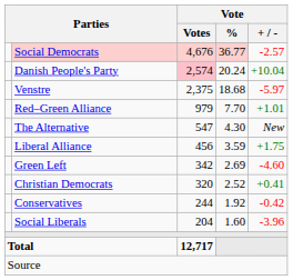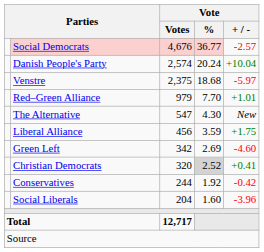 <table class="wikitable" style="text-align:right;">
 <tr>
 <th style="text-align:centre;" rowspan="2" colspan="2" width="225">Parties</th>
 <th colspan="3">Vote</th>
 </tr>
 <tr>
 <th width="15">Votes</th>
 <th width="15">%</th>
 <th width="15">+ / -</th>
 </tr>
 <tr>
 <td width="2" style="color:inherit;background:"></td>
 <td bgcolor=#fbd0ce  align="left"><a href='#'>Social Democrats</a></td>
 <td bgcolor=#fbd0ce>4,676</td>
 <td bgcolor=#fbd0ce>36.77</td>
 <td style=color:red;>-2.57</td>
 </tr>
 <tr>
 <td width="2" style="color:inherit;background:"></td>
 <td align="left"><a href='#'>Danish People's Party</a></td>
-<td style="background: pink;">2,574</td>
+<td>2,574</td>
 <td>20.24</td>
 <td style=color:green;>+10.04</td>
 </tr>
 <tr>
 <td width="2" style="color:inherit;background:"></td>
 <td align="left"><a href='#'>Venstre</a></td>
 <td>2,375</td>
 <td>18.68</td>
 <td style=color:red;>-5.97</td>
 </tr>
 <tr>
 <td width="2" style="color:inherit;background:"></td>
 <td align="left"><a href='#'>Red–Green Alliance</a></td>
 <td>979</td>
 <td>7.70</td>
 <td style=color:green;>+1.01</td>
 </tr>
 <tr>
 <td width="2" style="color:inherit;background:"></td>
 <td align="left"><a href='#'>The Alternative</a></td>
 <td>547</td>
 <td>4.30</td>
 <td><em>New</em></td>
 </tr>
 <tr>
 <td width="2" style="color:inherit;background:"></td>
 <td align="left"><a href='#'>Liberal Alliance</a></td>
 <td>456</td>
 <td>3.59</td>
 <td style=color:green;>+1.75</td>
 </tr>
 <tr>
 <td width="2" style="color:inherit;background:"></td>
 <td align="left"><a href='#'>Green Left</a></td>
 <td>342</td>
 <td>2.69</td>
 <td style=color:red;>-4.60</td>
 </tr>
 <tr>
 <td width="2" style="color:inherit;background:"></td>
 <td align="left"><a href='#'>Christian Democrats</a></td>
 <td>320</td>
-<td>2.52</td>
+<td style="background: lightgrey;">2.52</td>
 <td style=color:green;>+0.41</td>
 </tr>
 <tr>
 <td width="2" style="color:inherit;background:"></td>
 <td align="left"><a href='#'>Conservatives</a></td>
 <td>244</td>
 <td>1.92</td>
 <td style=color:red;>-0.42</td>
 </tr>
 <tr>
 <td width="2" style="color:inherit;background:"></td>
 <td align="left"><a href='#'>Social Liberals</a></td>
 <td>204</td>
 <td>1.60</td>
 <td style=color:red;>-3.96</td>
 </tr>
 <tr>
 <td colspan="7" bgcolor="#E9E9E9"></td>
 </tr>
 <tr>
 <td align="left" colspan="2"><strong>Total</strong></td>
 <td><strong>12,717</strong></td>
 <td bgcolor="#E9E9E9" colspan="2"></td>
 </tr>
 <tr>
 <td align="left" colspan="6">Source</td>
 </tr>
 </table>
